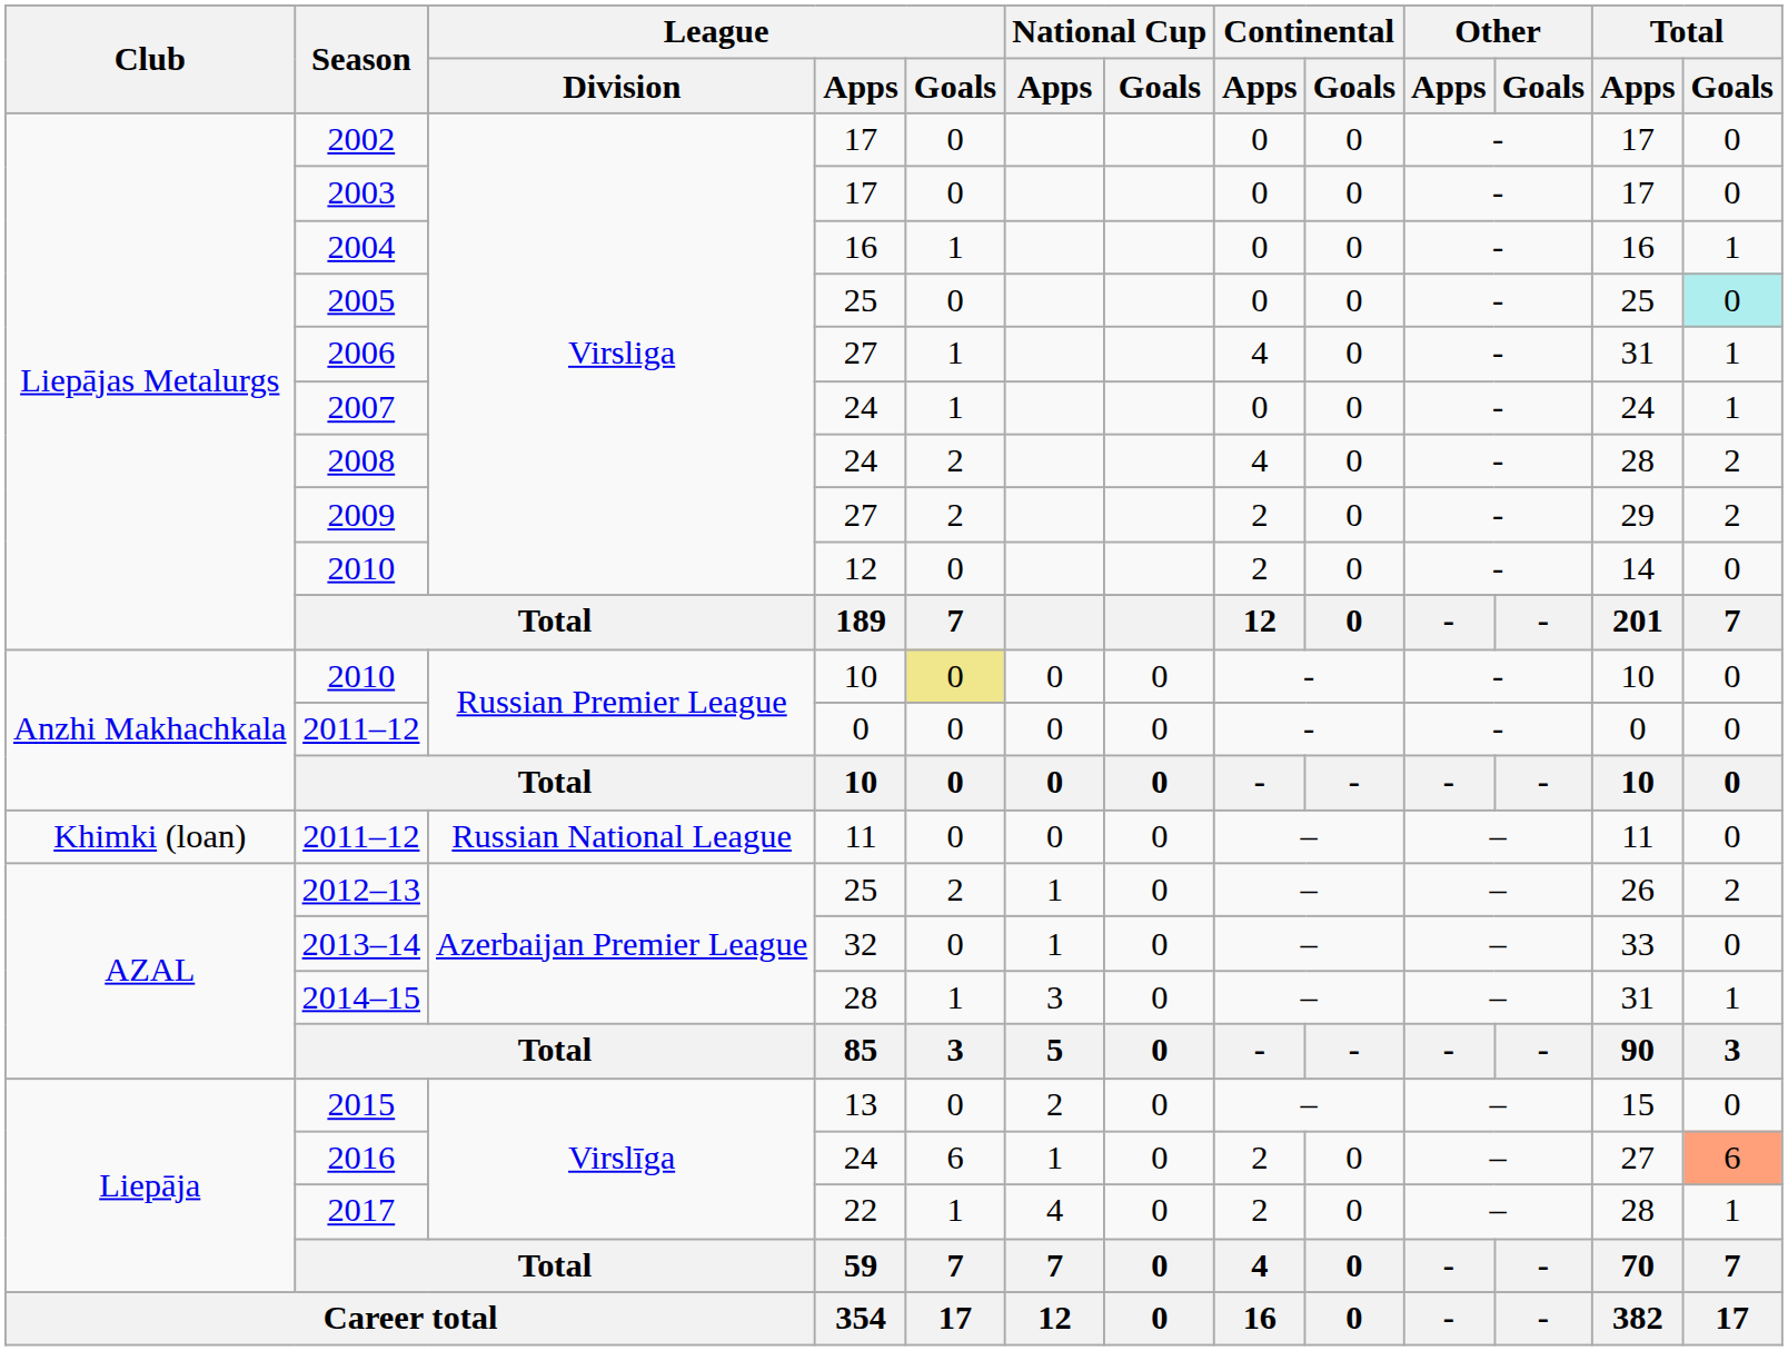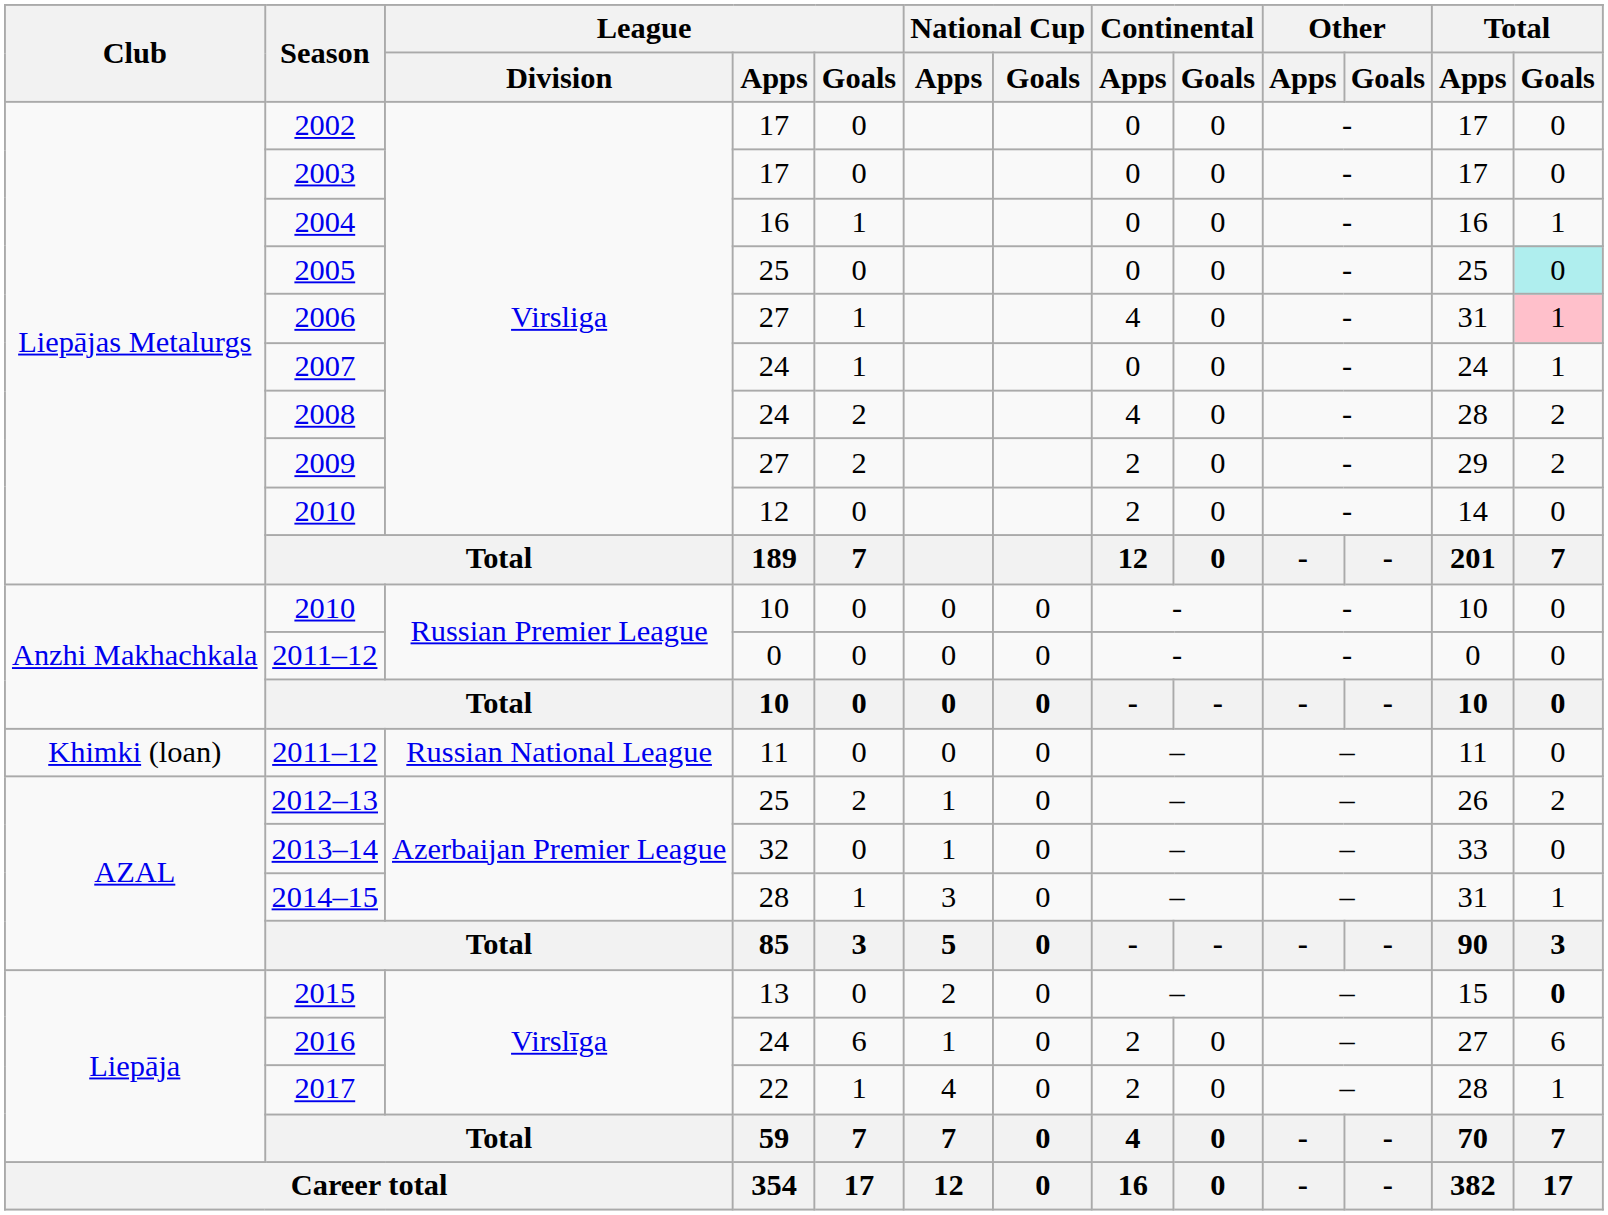 <table class="wikitable" style="text-align: center;">
 <tr>
 <th rowspan="2">Club</th>
 <th rowspan="2">Season</th>
 <th colspan="3">League</th>
 <th colspan="2">National Cup</th>
 <th colspan="2">Continental</th>
 <th colspan="2">Other</th>
 <th colspan="2">Total</th>
 </tr>
 <tr>
 <th>Division</th>
 <th>Apps</th>
 <th>Goals</th>
 <th>Apps</th>
 <th>Goals</th>
 <th>Apps</th>
 <th>Goals</th>
 <th>Apps</th>
 <th>Goals</th>
 <th>Apps</th>
 <th>Goals</th>
 </tr>
 <tr>
 <td rowspan="10"><a href='#'>Liepājas Metalurgs</a></td>
 <td><a href='#'>2002</a></td>
 <td rowspan="9"><a href='#'>Virsliga</a></td>
 <td>17</td>
 <td>0</td>
 <td></td>
 <td></td>
 <td>0</td>
 <td>0</td>
 <td colspan="2">-</td>
 <td>17</td>
 <td>0</td>
 </tr>
 <tr>
 <td><a href='#'>2003</a></td>
 <td>17</td>
 <td>0</td>
 <td></td>
 <td></td>
 <td>0</td>
 <td>0</td>
 <td colspan="2">-</td>
 <td>17</td>
 <td>0</td>
 </tr>
 <tr>
 <td><a href='#'>2004</a></td>
 <td>16</td>
 <td>1</td>
 <td></td>
 <td></td>
 <td>0</td>
 <td>0</td>
 <td colspan="2">-</td>
 <td>16</td>
 <td>1</td>
 </tr>
 <tr>
 <td><a href='#'>2005</a></td>
 <td>25</td>
 <td>0</td>
 <td></td>
 <td></td>
 <td>0</td>
 <td>0</td>
 <td colspan="2">-</td>
 <td>25</td>
 <td style="background: paleturquoise;">0</td>
 </tr>
 <tr>
 <td><a href='#'>2006</a></td>
 <td>27</td>
 <td>1</td>
 <td></td>
 <td></td>
 <td>4</td>
 <td>0</td>
 <td colspan="2">-</td>
 <td>31</td>
-<td>1</td>
+<td style="background: pink;">1</td>
 </tr>
 <tr>
 <td><a href='#'>2007</a></td>
 <td>24</td>
 <td>1</td>
 <td></td>
 <td></td>
 <td>0</td>
 <td>0</td>
 <td colspan="2">-</td>
 <td>24</td>
 <td>1</td>
 </tr>
 <tr>
 <td><a href='#'>2008</a></td>
 <td>24</td>
 <td>2</td>
 <td></td>
 <td></td>
 <td>4</td>
 <td>0</td>
 <td colspan="2">-</td>
 <td>28</td>
 <td>2</td>
 </tr>
 <tr>
 <td><a href='#'>2009</a></td>
 <td>27</td>
 <td>2</td>
 <td></td>
 <td></td>
 <td>2</td>
 <td>0</td>
 <td colspan="2">-</td>
 <td>29</td>
 <td>2</td>
 </tr>
 <tr>
 <td><a href='#'>2010</a></td>
 <td>12</td>
 <td>0</td>
 <td></td>
 <td></td>
 <td>2</td>
 <td>0</td>
 <td colspan="2">-</td>
 <td>14</td>
 <td>0</td>
 </tr>
 <tr>
 <th colspan="2">Total</th>
 <th>189</th>
 <th>7</th>
 <th></th>
 <th></th>
 <th>12</th>
 <th>0</th>
 <th>-</th>
 <th>-</th>
 <th>201</th>
 <th>7</th>
 </tr>
 <tr>
 <td rowspan="3"><a href='#'>Anzhi Makhachkala</a></td>
 <td><a href='#'>2010</a></td>
 <td rowspan="2"><a href='#'>Russian Premier League</a></td>
 <td>10</td>
-<td style="background: khaki;">0</td>
+<td>0</td>
 <td>0</td>
 <td>0</td>
 <td colspan="2">-</td>
 <td colspan="2">-</td>
 <td>10</td>
 <td>0</td>
 </tr>
 <tr>
 <td><a href='#'>2011–12</a></td>
 <td>0</td>
 <td>0</td>
 <td>0</td>
 <td>0</td>
 <td colspan="2">-</td>
 <td colspan="2">-</td>
 <td>0</td>
 <td>0</td>
 </tr>
 <tr>
 <th colspan="2">Total</th>
 <th>10</th>
 <th>0</th>
 <th>0</th>
 <th>0</th>
 <th>-</th>
 <th>-</th>
 <th>-</th>
 <th>-</th>
 <th>10</th>
 <th>0</th>
 </tr>
 <tr>
 <td><a href='#'>Khimki</a> (loan)</td>
 <td><a href='#'>2011–12</a></td>
 <td><a href='#'>Russian National League</a></td>
 <td>11</td>
 <td>0</td>
 <td>0</td>
 <td>0</td>
 <td colspan="2">–</td>
 <td colspan="2">–</td>
 <td>11</td>
 <td>0</td>
 </tr>
 <tr>
 <td rowspan="4"><a href='#'>AZAL</a></td>
 <td><a href='#'>2012–13</a></td>
 <td rowspan="3"><a href='#'>Azerbaijan Premier League</a></td>
 <td>25</td>
 <td>2</td>
 <td>1</td>
 <td>0</td>
 <td colspan="2">–</td>
 <td colspan="2">–</td>
 <td>26</td>
 <td>2</td>
 </tr>
 <tr>
 <td><a href='#'>2013–14</a></td>
 <td>32</td>
 <td>0</td>
 <td>1</td>
 <td>0</td>
 <td colspan="2">–</td>
 <td colspan="2">–</td>
 <td>33</td>
 <td>0</td>
 </tr>
 <tr>
 <td><a href='#'>2014–15</a></td>
 <td>28</td>
 <td>1</td>
 <td>3</td>
 <td>0</td>
 <td colspan="2">–</td>
 <td colspan="2">–</td>
 <td>31</td>
 <td>1</td>
 </tr>
 <tr>
 <th colspan="2">Total</th>
 <th>85</th>
 <th>3</th>
 <th>5</th>
 <th>0</th>
 <th>-</th>
 <th>-</th>
 <th>-</th>
 <th>-</th>
 <th>90</th>
 <th>3</th>
 </tr>
 <tr>
 <td rowspan="4"><a href='#'>Liepāja</a></td>
 <td><a href='#'>2015</a></td>
 <td rowspan="3"><a href='#'>Virslīga</a></td>
 <td>13</td>
 <td>0</td>
 <td>2</td>
 <td>0</td>
 <td colspan="2">–</td>
 <td colspan="2">–</td>
 <td>15</td>
-<td>0</td>
+<td><strong>0</strong></td>
 </tr>
 <tr>
 <td><a href='#'>2016</a></td>
 <td>24</td>
 <td>6</td>
 <td>1</td>
 <td>0</td>
 <td>2</td>
 <td>0</td>
 <td colspan="2">–</td>
 <td>27</td>
-<td style="background: lightsalmon;">6</td>
+<td>6</td>
 </tr>
 <tr>
 <td><a href='#'>2017</a></td>
 <td>22</td>
 <td>1</td>
 <td>4</td>
 <td>0</td>
 <td>2</td>
 <td>0</td>
 <td colspan="2">–</td>
 <td>28</td>
 <td>1</td>
 </tr>
 <tr>
 <th colspan="2">Total</th>
 <th>59</th>
 <th>7</th>
 <th>7</th>
 <th>0</th>
 <th>4</th>
 <th>0</th>
 <th>-</th>
 <th>-</th>
 <th>70</th>
 <th>7</th>
 </tr>
 <tr>
 <th colspan="3">Career total</th>
 <th>354</th>
 <th>17</th>
 <th>12</th>
 <th>0</th>
 <th>16</th>
 <th>0</th>
 <th>-</th>
 <th>-</th>
 <th>382</th>
 <th>17</th>
 </tr>
 </table>
